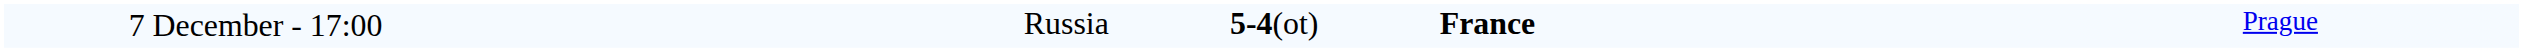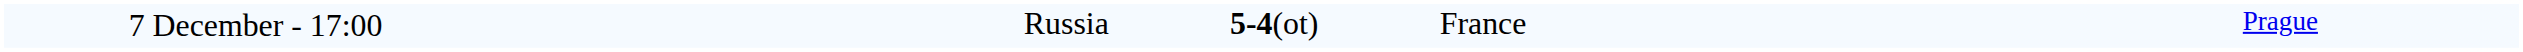 <table style="width: 100%; background:#F5FAFF;" cellspacing="0">
 <tr>
 <td align=center rowspan=3 width=20%>7 December - 17:00</td>
 </tr>
 <tr>
 <td width=24% align=right>Russia </td>
 <td align=center width=13%><strong>5-4</strong>(ot)</td>
-<td width=24%><strong> France</strong></td>
+<td width=24%> France</td>
 <td style=font-size:85% rowspan=3 valign=top align=center><a href='#'>Prague</a></td>
 </tr>
 <tr style=font-size:85%>
 <td align=right valign=top></td>
 <td></td>
 <td></td>
 </tr>
 </table>
